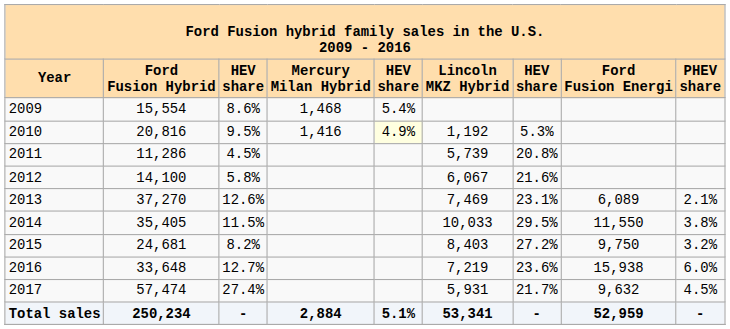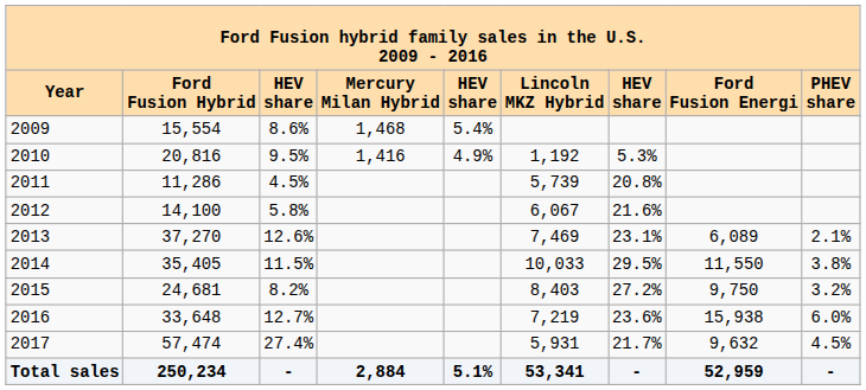 <table class="wikitable"  style="margin: 1em auto 1em auto">
 <tr>
 <th colspan="9" align=center style="background-color: #ffdead;"><br>Ford Fusion hybrid family sales in the U.S.<br> 2009 - 2016</th>
 </tr>
 <tr>
 <th style="background-color: #ffdead;">Year</th>
 <th style="background-color: #ffdead;">Ford<br>Fusion Hybrid</th>
 <th style="background-color: #ffdead;">HEV<br>share</th>
 <th style="background-color: #ffdead;">Mercury<br>Milan Hybrid</th>
 <th style="background-color: #ffdead;">HEV<br>share</th>
 <th style="background-color:#ffdead;">Lincoln<br>MKZ Hybrid</th>
 <th style="background-color: #ffdead;">HEV<br>share</th>
 <th style="background-color:#ffdead;">Ford<br>Fusion Energi</th>
 <th style="background-color: #ffdead;">PHEV<br>share</th>
 </tr>
 <tr style="text-align:center;">
 <td align=left>2009</td>
 <td>15,554</td>
 <td>8.6%</td>
 <td>1,468</td>
 <td>5.4%</td>
 <td> </td>
 <td> </td>
 <td> </td>
 <td> </td>
 </tr>
 <tr style="text-align:center;">
 <td align=left>2010</td>
 <td>20,816</td>
 <td>9.5%</td>
 <td>1,416</td>
-<td style="background: lightyellow;">4.9%</td>
+<td>4.9%</td>
 <td>1,192</td>
 <td>5.3%</td>
 <td> </td>
 <td> </td>
 </tr>
 <tr style="text-align:center;">
 <td align=left>2011</td>
 <td>11,286</td>
 <td>4.5%</td>
 <td> </td>
 <td> </td>
 <td>5,739</td>
 <td>20.8%</td>
 <td> </td>
 <td> </td>
 </tr>
 <tr style="text-align:center;">
 <td align=left>2012</td>
 <td>14,100</td>
 <td>5.8%</td>
 <td> </td>
 <td> </td>
 <td>6,067</td>
 <td>21.6%</td>
 <td> </td>
 <td> </td>
 </tr>
 <tr style="text-align:center;">
 <td align=left>2013</td>
 <td>37,270</td>
 <td>12.6%</td>
 <td> </td>
 <td> </td>
 <td>7,469</td>
 <td>23.1%</td>
 <td>6,089</td>
 <td>2.1%</td>
 </tr>
 <tr style="text-align:center;">
 <td align=left>2014</td>
 <td>35,405</td>
 <td>11.5%</td>
 <td> </td>
 <td> </td>
 <td>10,033</td>
 <td>29.5%</td>
 <td>11,550</td>
 <td>3.8%</td>
 </tr>
 <tr style="text-align:center;">
 <td align=left>2015</td>
 <td>24,681</td>
 <td>8.2%</td>
 <td> </td>
 <td> </td>
 <td>8,403</td>
 <td>27.2%</td>
 <td>9,750</td>
 <td>3.2%</td>
 </tr>
 <tr style="text-align:center;">
 <td align=left>2016</td>
 <td>33,648</td>
 <td>12.7%</td>
 <td> </td>
 <td> </td>
 <td>7,219</td>
 <td>23.6%</td>
 <td>15,938</td>
 <td>6.0%</td>
 </tr>
 <tr style="text-align:center;">
 <td align=left>2017</td>
 <td>57,474</td>
 <td>27.4%</td>
 <td> </td>
 <td> </td>
 <td>5,931</td>
 <td>21.7%</td>
 <td>9,632</td>
 <td>4.5%</td>
 </tr>
 <tr style="text-align:center;">
 <th style="background:#f1f5fa;">Total sales</th>
 <th style="background:#f1f5fa;">250,234</th>
 <th style="background:#f1f5fa;">-</th>
 <th style="background:#f1f5fa;">2,884</th>
 <th style="background:#f1f5fa;">5.1%</th>
 <th style="background:#f1f5fa;">53,341</th>
 <th style="background:#f1f5fa;">-</th>
 <th style="background:#f1f5fa;">52,959</th>
 <th style="background:#f1f5fa;">-</th>
 </tr>
 <tr>
 </tr>
 </table>
